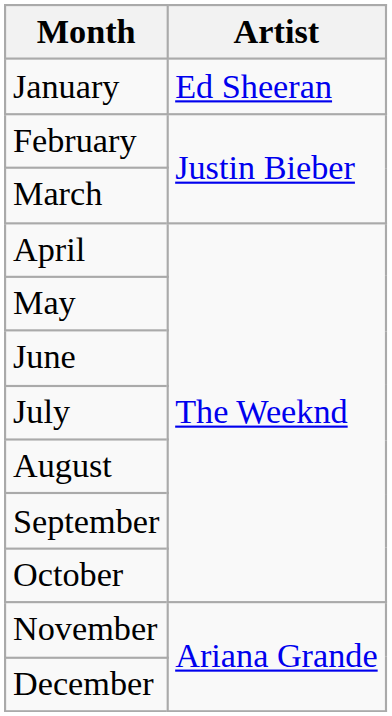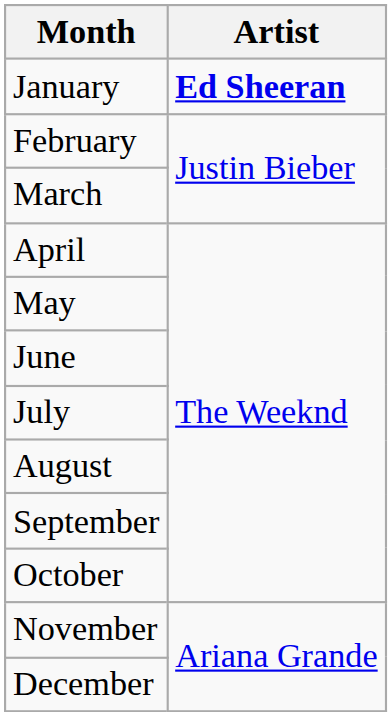 <table class="wikitable sortable plainrowheaders">
 <tr>
 <th>Month</th>
 <th>Artist</th>
 </tr>
 <tr>
 <td>January</td>
-<td><a href='#'>Ed Sheeran</a></td>
+<td><strong><a href='#'>Ed Sheeran</a></strong></td>
 </tr>
 <tr>
 <td>February</td>
 <td rowspan="2"><a href='#'>Justin Bieber</a></td>
 </tr>
 <tr>
 <td>March</td>
 </tr>
 <tr>
 <td>April</td>
 <td rowspan="7"><a href='#'>The Weeknd</a></td>
 </tr>
 <tr>
 <td>May</td>
 </tr>
 <tr>
 <td>June</td>
 </tr>
 <tr>
 <td>July</td>
 </tr>
 <tr>
 <td>August</td>
 </tr>
 <tr>
 <td>September</td>
 </tr>
 <tr>
 <td>October</td>
 </tr>
 <tr>
 <td>November</td>
 <td rowspan="2"><a href='#'>Ariana Grande</a></td>
 </tr>
 <tr>
 <td>December</td>
 </tr>
 </table>
